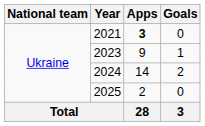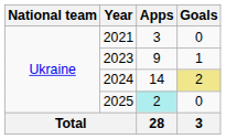 <table class="wikitable" style="text-align:center">
 <tr>
 <th>National team</th>
 <th>Year</th>
 <th>Apps</th>
 <th>Goals</th>
 </tr>
 <tr>
 <td rowspan="4"><a href='#'>Ukraine</a></td>
 <td>2021</td>
-<td><strong>3</strong></td>
+<td>3</td>
 <td>0</td>
 </tr>
 <tr>
 <td>2023</td>
 <td>9</td>
 <td>1</td>
 </tr>
 <tr>
 <td>2024</td>
 <td>14</td>
-<td>2</td>
+<td style="background: khaki;">2</td>
 </tr>
 <tr>
 <td>2025</td>
-<td>2</td>
+<td style="background: paleturquoise;">2</td>
 <td>0</td>
 </tr>
 <tr>
 <th colspan="2">Total</th>
 <th>28</th>
 <th>3</th>
 </tr>
 </table>
